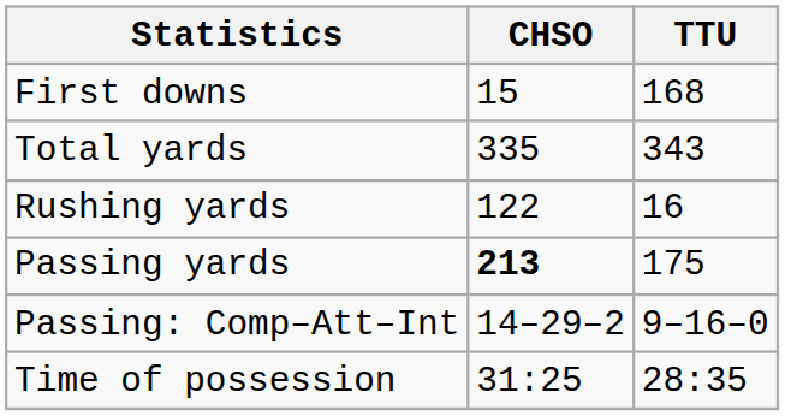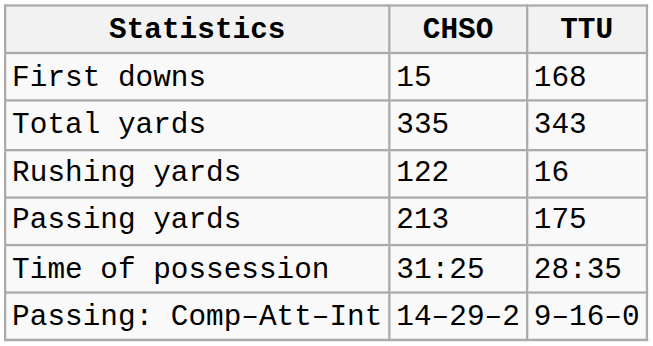 <table class="wikitable" style="float: left;">
 <tr>
 <th>Statistics</th>
 <th>CHSO</th>
 <th>TTU</th>
 </tr>
 <tr>
 <td>First downs</td>
 <td>15</td>
 <td>168</td>
 </tr>
 <tr>
 <td>Total yards</td>
 <td>335</td>
 <td>343</td>
 </tr>
 <tr>
 <td>Rushing yards</td>
 <td>122</td>
 <td>16</td>
 </tr>
 <tr>
 <td>Passing yards</td>
-<td><strong>213</strong></td>
+<td>213</td>
 <td>175</td>
+</tr>
+<tr>
+<td>Time of possession</td>
+<td>31:25</td>
+<td>28:35</td>
 </tr>
 <tr>
 <td>Passing: Comp–Att–Int</td>
 <td>14–29–2</td>
 <td>9–16–0</td>
 </tr>
 <tr>
-<td>Time of possession</td>
-<td>31:25</td>
-<td>28:35</td>
-</tr>
-<tr>
 </tr>
 </table>
